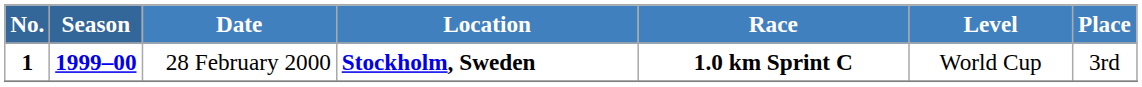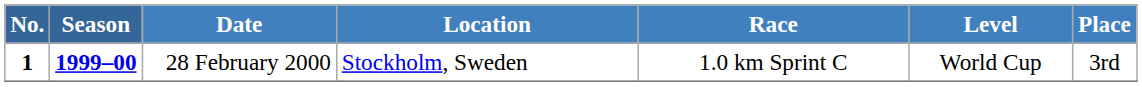 <table class="wikitable sortable" style="font-size:95%; text-align:center; border:grey solid 1px; border-collapse:collapse; background:#ffffff;">
 <tr style="background:#efefef;">
 <th style="background-color:#369; color:white;">No.</th>
 <th style="background-color:#369; color:white;">Season</th>
 <th style="background-color:#4180be; color:white; width:120px;">Date</th>
 <th style="background-color:#4180be; color:white; width:190px;">Location</th>
 <th style="background-color:#4180be; color:white; width:170px;">Race</th>
 <th style="background-color:#4180be; color:white; width:100px;">Level</th>
 <th style="background-color:#4180be; color:white;">Place</th>
 </tr>
 <tr>
 <td align=center><strong>1</strong></td>
 <td rowspan=1 align=center><strong><a href='#'>1999–00</a></strong></td>
 <td align=right>28 February 2000</td>
-<td align=left><strong> <a href='#'>Stockholm</a>, Sweden</strong></td>
-<td><strong>1.0 km Sprint C</strong></td>
+<td align=left> <a href='#'>Stockholm</a>, Sweden</td>
+<td>1.0 km Sprint C</td>
 <td>World Cup</td>
 <td>3rd</td>
 </tr>
 <tr>
 </tr>
 </table>
